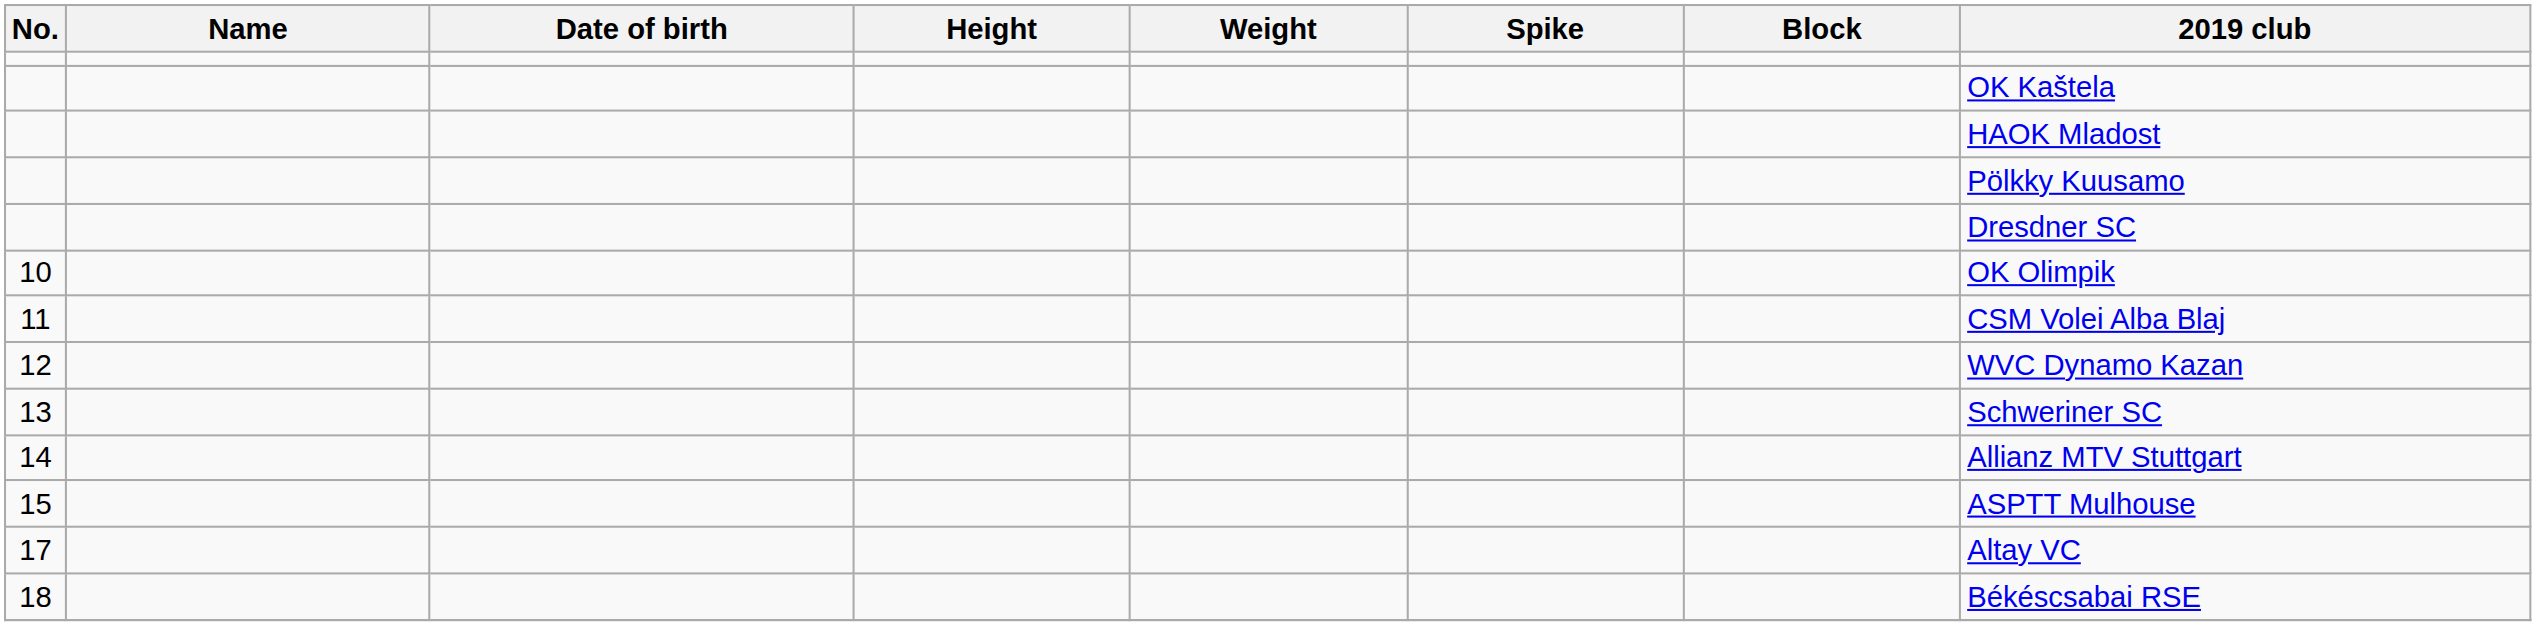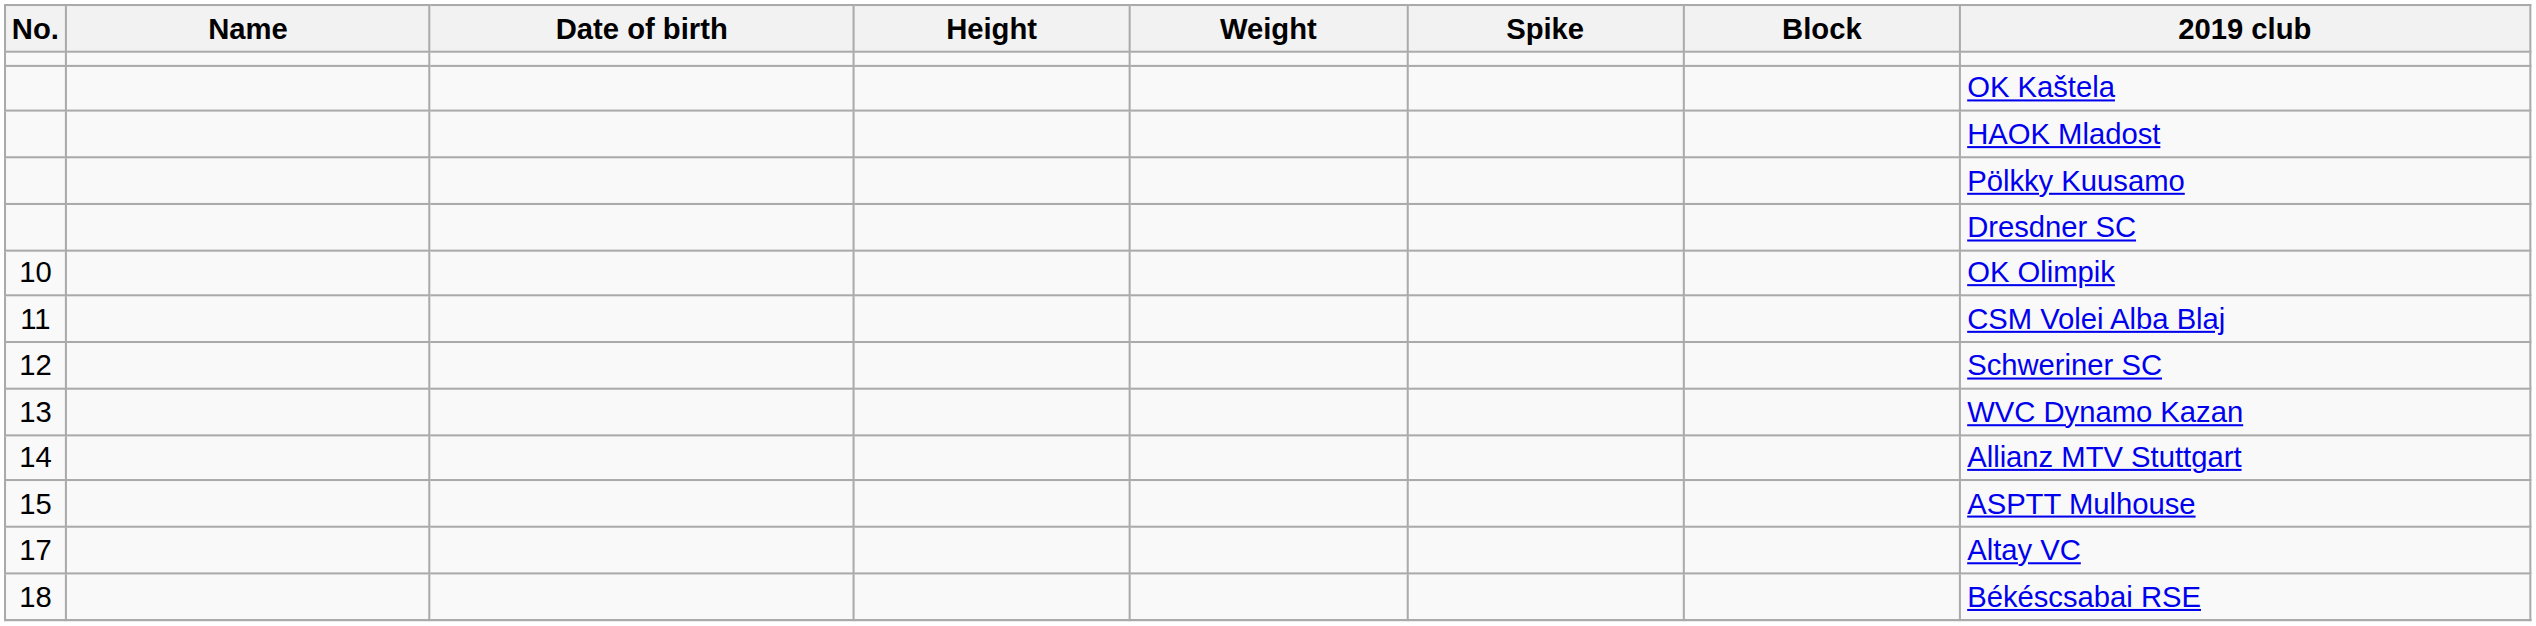 <table class="wikitable sortable" style="font-size:90%; text-align:center;">
 <tr>
 <th>No.</th>
 <th style="width:12em">Name</th>
 <th style="width:14em">Date of birth</th>
 <th style="width:9em">Height</th>
 <th style="width:9em">Weight</th>
 <th style="width:9em">Spike</th>
 <th style="width:9em">Block</th>
 <th style="width:19em">2019 club</th>
 </tr>
 <tr>
 <td></td>
 <td align=left></td>
 <td align=right></td>
 <td></td>
 <td></td>
 <td></td>
 <td></td>
 <td align=left></td>
 </tr>
 <tr>
 <td></td>
 <td align=left></td>
 <td align=right></td>
 <td></td>
 <td></td>
 <td></td>
 <td></td>
 <td align=left> <a href='#'>OK Kaštela</a></td>
 </tr>
 <tr>
 <td></td>
 <td align=left></td>
 <td align=right></td>
 <td></td>
 <td></td>
 <td></td>
 <td></td>
 <td align=left> <a href='#'>HAOK Mladost</a></td>
 </tr>
 <tr>
 <td></td>
 <td align=left></td>
 <td align=right></td>
 <td></td>
 <td></td>
 <td></td>
 <td></td>
 <td align=left> <a href='#'>Pölkky Kuusamo</a></td>
 </tr>
 <tr>
 <td></td>
 <td align=left></td>
 <td align=right></td>
 <td></td>
 <td></td>
 <td></td>
 <td></td>
 <td align=left> <a href='#'>Dresdner SC</a></td>
 </tr>
 <tr>
 <td>10</td>
 <td align=left></td>
 <td align=right></td>
 <td></td>
 <td></td>
 <td></td>
 <td></td>
 <td align=left> <a href='#'>OK Olimpik</a></td>
 </tr>
 <tr>
 <td>11</td>
 <td align=left></td>
 <td align=right></td>
 <td></td>
 <td></td>
 <td></td>
 <td></td>
 <td align=left> <a href='#'>CSM Volei Alba Blaj</a></td>
 </tr>
 <tr>
 <td>12</td>
 <td align=left></td>
 <td align=right></td>
 <td></td>
 <td></td>
 <td></td>
 <td></td>
-<td align=left> <a href='#'>WVC Dynamo Kazan</a></td>
+<td align=left> <a href='#'>Schweriner SC</a></td>
 </tr>
 <tr>
 <td>13</td>
 <td align=left></td>
 <td align=right></td>
 <td></td>
 <td></td>
 <td></td>
 <td></td>
-<td align=left> <a href='#'>Schweriner SC</a></td>
+<td align=left> <a href='#'>WVC Dynamo Kazan</a></td>
 </tr>
 <tr>
 <td>14</td>
 <td align=left></td>
 <td align=right></td>
 <td></td>
 <td></td>
 <td></td>
 <td></td>
 <td align=left> <a href='#'>Allianz MTV Stuttgart</a></td>
 </tr>
 <tr>
 <td>15</td>
 <td align=left></td>
 <td align=right></td>
 <td></td>
 <td></td>
 <td></td>
 <td></td>
 <td align=left> <a href='#'>ASPTT Mulhouse</a></td>
 </tr>
 <tr>
 <td>17</td>
 <td align=left></td>
 <td align=right></td>
 <td></td>
 <td></td>
 <td></td>
 <td></td>
 <td align=left> <a href='#'>Altay VC</a></td>
 </tr>
 <tr>
 <td>18</td>
 <td align=left></td>
 <td align=right></td>
 <td></td>
 <td></td>
 <td></td>
 <td></td>
 <td align=left> <a href='#'>Békéscsabai RSE</a></td>
 </tr>
 <tr>
 </tr>
 </table>
